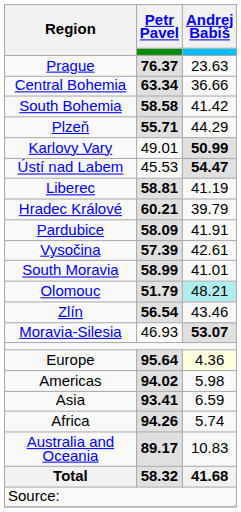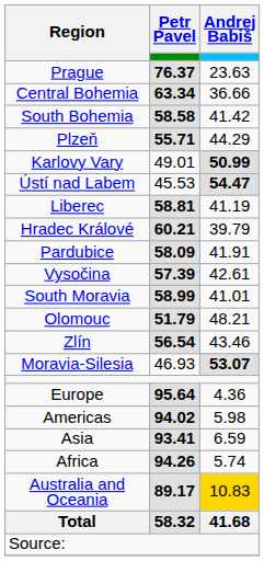 <table class="wikitable sortable" style="text-align:center; font-size:90%; line-height:13px;">
 <tr style="height:42px;">
 <th style="width:120px;" rowspan="2">Region</th>
 <th><a href='#'><span>Petr<br> Pavel</span></a></th>
 <th><a href='#'><span>Andrej<br> Babiš</span></a></th>
 </tr>
 <tr class="sorttop">
 <th style="color:inherit;background:#008B00;"></th>
 <th style="color:inherit;background:#00BFFF;"></th>
 </tr>
 <tr>
 <td><a href='#'>Prague</a></td>
 <td style="background:#E0E0E0;"><strong>76.37</strong></td>
 <td>23.63</td>
 </tr>
 <tr>
 <td><a href='#'>Central Bohemia</a></td>
 <td style="background:#E0E0E0;"><strong>63.34</strong></td>
 <td>36.66</td>
 </tr>
 <tr>
 <td><a href='#'>South Bohemia</a></td>
 <td style="background:#E0E0E0;"><strong>58.58</strong></td>
 <td>41.42</td>
 </tr>
 <tr>
 <td><a href='#'>Plzeň</a></td>
 <td style="background:#E0E0E0;"><strong>55.71</strong></td>
 <td>44.29</td>
 </tr>
 <tr>
 <td><a href='#'>Karlovy Vary</a></td>
 <td>49.01</td>
 <td style="background:#E0E0E0;"><strong>50.99</strong></td>
 </tr>
 <tr>
 <td><a href='#'>Ústí nad Labem</a></td>
 <td>45.53</td>
 <td style="background:#E0E0E0;"><strong>54.47</strong></td>
 </tr>
 <tr>
 <td><a href='#'>Liberec</a></td>
 <td style="background:#E0E0E0;"><strong>58.81</strong></td>
 <td>41.19</td>
 </tr>
 <tr>
 <td><a href='#'>Hradec Králové</a></td>
 <td style="background:#E0E0E0;"><strong>60.21</strong></td>
 <td>39.79</td>
 </tr>
 <tr>
 <td><a href='#'>Pardubice</a></td>
 <td style="background:#E0E0E0;"><strong>58.09</strong></td>
 <td>41.91</td>
 </tr>
 <tr>
 <td><a href='#'>Vysočina</a></td>
 <td style="background:#E0E0E0;"><strong>57.39</strong></td>
 <td>42.61</td>
 </tr>
 <tr>
 <td><a href='#'>South Moravia</a></td>
 <td style="background:#E0E0E0;"><strong>58.99</strong></td>
 <td>41.01</td>
 </tr>
 <tr>
 <td><a href='#'>Olomouc</a></td>
 <td style="background:#E0E0E0;"><strong>51.79</strong></td>
-<td style="background: paleturquoise;">48.21</td>
+<td>48.21</td>
 </tr>
 <tr>
 <td><a href='#'>Zlín</a></td>
 <td style="background:#E0E0E0;"><strong>56.54</strong></td>
 <td>43.46</td>
 </tr>
 <tr>
 <td><a href='#'>Moravia-Silesia</a></td>
 <td>46.93</td>
 <td style="background:#E0E0E0;"><strong>53.07</strong></td>
 </tr>
 <tr>
 <td colspan=10></td>
 </tr>
 <tr>
 <td>Europe</td>
 <td style="background:#E0E0E0;"><strong>95.64</strong></td>
-<td style="background: lightyellow;">4.36</td>
+<td>4.36</td>
 </tr>
 <tr>
 <td>Americas</td>
 <td style="background:#E0E0E0;"><strong>94.02</strong></td>
 <td>5.98</td>
 </tr>
 <tr>
 <td>Asia</td>
 <td style="background:#E0E0E0;"><strong>93.41</strong></td>
 <td>6.59</td>
 </tr>
 <tr>
 <td>Africa</td>
 <td style="background:#E0E0E0;"><strong>94.26</strong></td>
 <td>5.74</td>
 </tr>
 <tr>
 <td><a href='#'>Australia and Oceania</a></td>
 <td style="background:#E0E0E0;"><strong>89.17</strong></td>
-<td>10.83</td>
+<td style="background: gold;">10.83</td>
 </tr>
 <tr class="sortbottom">
 <th>Total</th>
 <th style="background:#E0E0E0;"><strong>58.32</strong></th>
 <th>41.68</th>
 </tr>
 <tr class="sortbottom">
 <td colspan=9 align=left>Source: </td>
 </tr>
 <tr>
 </tr>
 </table>
